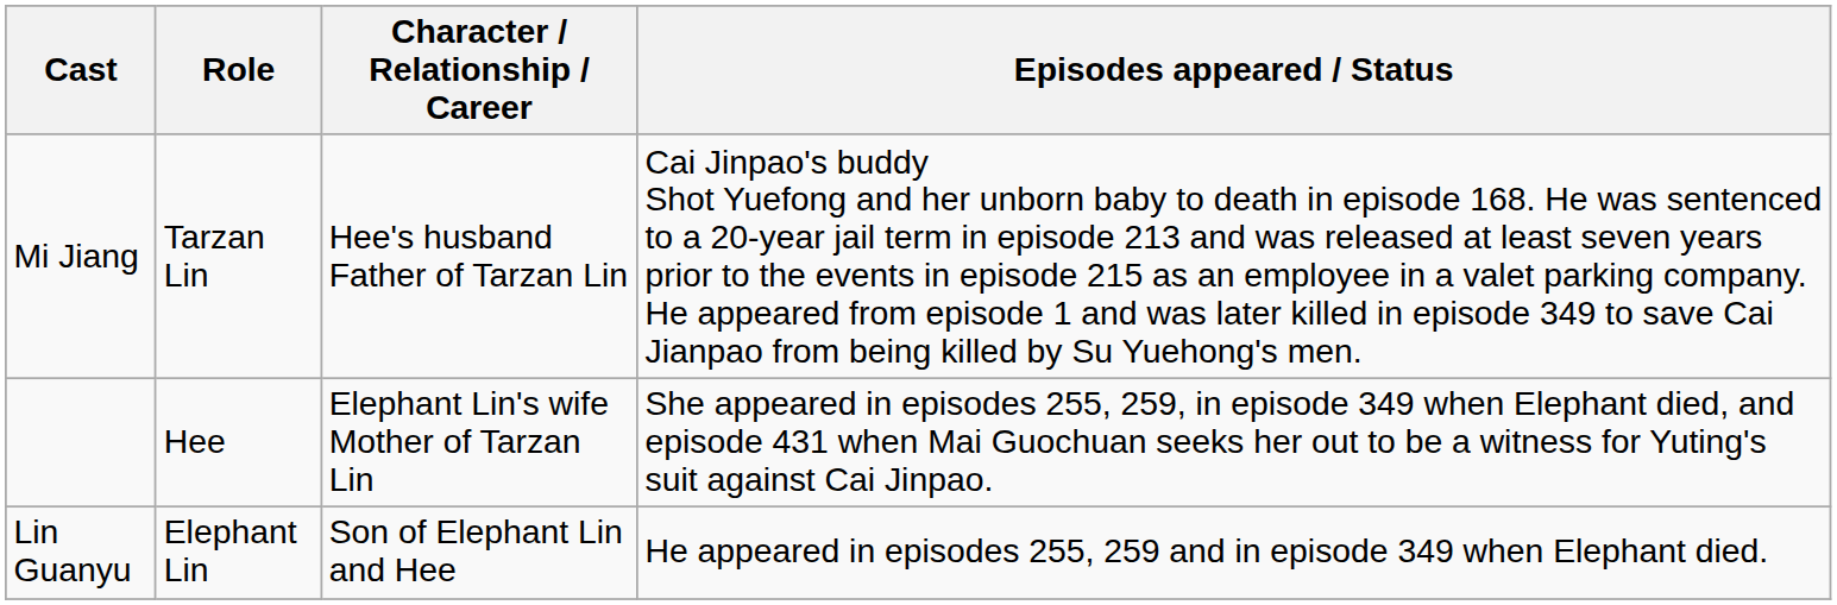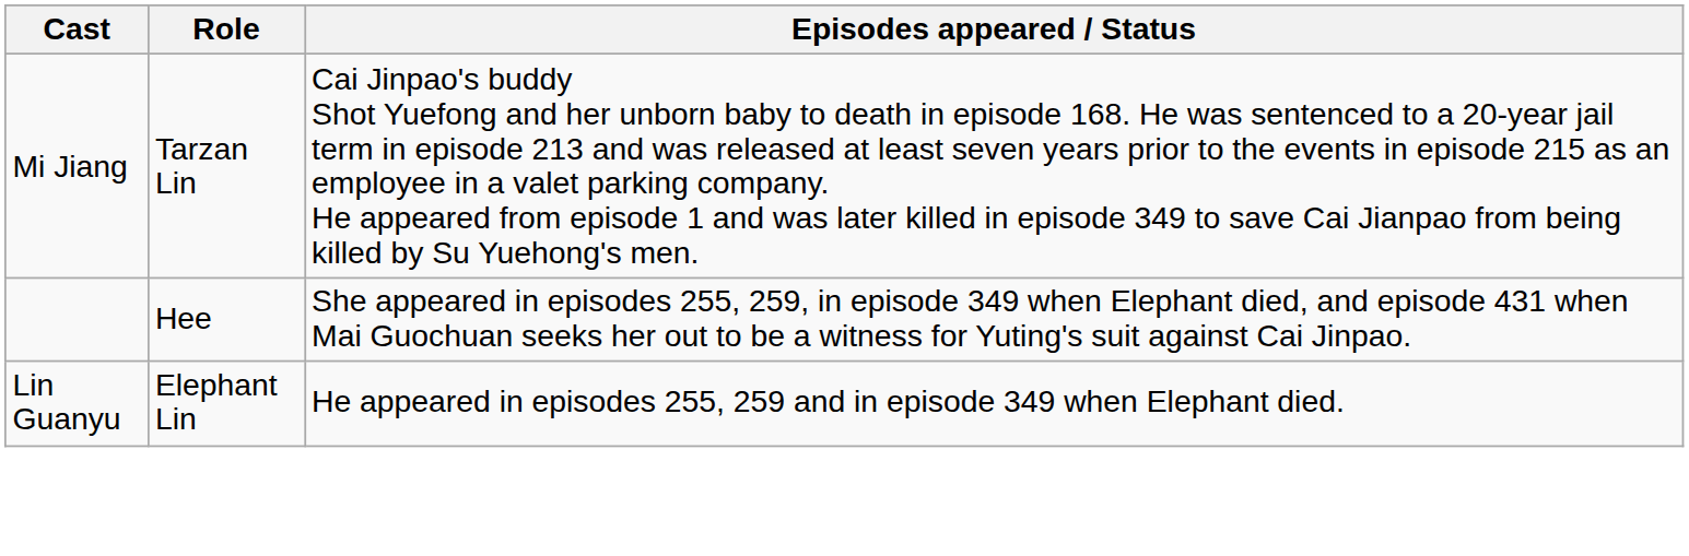 <table class="wikitable">
 <tr>
 <th>Cast</th>
 <th>Role</th>
-<th>Character / Relationship / Career</th>
 <th>Episodes appeared / Status</th>
 </tr>
 <tr>
 <td>Mi Jiang</td>
 <td>Tarzan Lin</td>
-<td>Hee's husband <br> Father of Tarzan Lin</td>
 <td>Cai Jinpao's buddy<br>Shot Yuefong and her unborn baby to death in episode 168. He was sentenced to a 20-year jail term in episode 213 and was released at least seven years prior to the events in episode 215 as an employee in a valet parking company.<br>He appeared from episode 1 and was later killed in episode 349 to save Cai Jianpao from being killed by Su Yuehong's men.</td>
 </tr>
 <tr>
 <td></td>
 <td>Hee</td>
-<td>Elephant Lin's wife <br> Mother of Tarzan Lin</td>
 <td>She appeared in episodes 255, 259, in episode 349 when Elephant died, and episode 431 when Mai Guochuan seeks her out to be a witness for Yuting's suit against Cai Jinpao.</td>
 </tr>
 <tr>
 <td>Lin Guanyu</td>
 <td>Elephant Lin</td>
-<td>Son of Elephant Lin and Hee</td>
 <td>He appeared in episodes 255, 259 and in episode 349 when Elephant died.</td>
 </tr>
 </table>
